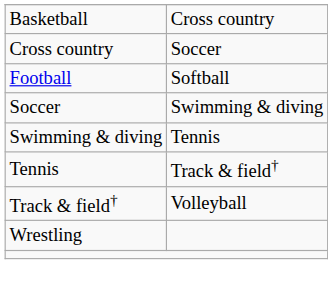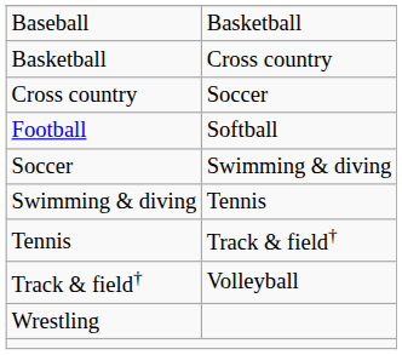 <table class="wikitable" style="float:right; clear:right; margin:0 0 1em 1em;">
 <tr>
+</tr>
+<tr>
+<td>Baseball</td>
+<td>Basketball</td>
 </tr>
 <tr>
 <td>Basketball</td>
 <td>Cross country</td>
 </tr>
 <tr>
 <td>Cross country</td>
 <td>Soccer</td>
 </tr>
 <tr>
 <td><a href='#'>Football</a></td>
 <td>Softball</td>
 </tr>
 <tr>
 <td>Soccer</td>
 <td>Swimming & diving</td>
 </tr>
 <tr>
 <td>Swimming & diving</td>
 <td>Tennis</td>
 </tr>
 <tr>
 <td>Tennis</td>
 <td>Track & field<sup>†</sup></td>
 </tr>
 <tr>
 <td>Track & field<sup>†</sup></td>
 <td>Volleyball</td>
 </tr>
 <tr>
 <td>Wrestling</td>
 <td></td>
 </tr>
 <tr>
 <td colspan="2"></td>
 </tr>
 </table>
